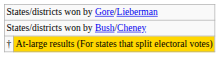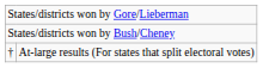 <table class="wikitable" style="font-size:90%; line-height:1.2">
 <tr>
 <td colspan=2>States/districts won by <a href='#'>Gore</a>/<a href='#'>Lieberman</a></td>
 </tr>
 <tr>
 <td colspan=2>States/districts won by <a href='#'>Bush</a>/<a href='#'>Cheney</a></td>
 </tr>
 <tr>
 <td>†</td>
-<td style="background: gold;">At-large results (For states that split electoral votes)</td>
+<td>At-large results (For states that split electoral votes)</td>
 </tr>
 </table>
